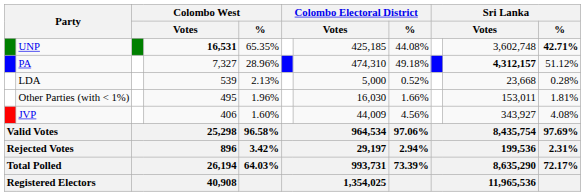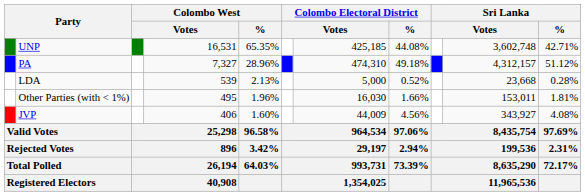 <table class="wikitable">
 <tr>
 <th colspan="2" width="144px"rowspan="2">Party</th>
 <th colspan="3" width="216px">Colombo West</th>
 <th colspan="3" width="216px"><a href='#'>Colombo Electoral District</a></th>
 <th colspan="3" width="216px">Sri Lanka</th>
 </tr>
 <tr>
 <th colspan="2" width="144px">Votes</th>
 <th>%</th>
 <th colspan="2" width="144px">Votes</th>
 <th>%</th>
 <th colspan="2" width="144px">Votes</th>
 <th>%</th>
 </tr>
 <tr>
 <td style="background-color:green;" width="10px"></td>
 <td style="text-align:left;"><a href='#'>UNP</a></td>
 <td style="background-color:green;" width="10px"></td>
-<td style="text-align:right;"><strong>16,531</strong></td>
+<td style="text-align:right;">16,531</td>
 <td style="text-align:right;">65.35%</td>
 <td style="background-color:white;" width="10px"></td>
 <td style="text-align:right;">425,185</td>
 <td style="text-align:right;">44.08%</td>
 <td style="background-color:white;" width="10px"></td>
 <td style="text-align:right;">3,602,748</td>
-<td style="text-align:right;"><strong>42.71%</strong></td>
+<td style="text-align:right;">42.71%</td>
 </tr>
 <tr>
 <td style="background-color:blue;" width="10px"></td>
 <td style="text-align:left;"><a href='#'>PA</a></td>
 <td style="background-color:white;" width="10px"></td>
 <td style="text-align:right;">7,327</td>
 <td style="text-align:right;">28.96%</td>
 <td style="background-color:blue;" width="10px"></td>
 <td style="text-align:right;">474,310</td>
 <td style="text-align:right;">49.18%</td>
 <td style="background-color:blue;" width="10px"></td>
-<td style="text-align:right;"><strong>4,312,157</strong></td>
+<td style="text-align:right;">4,312,157</td>
 <td style="text-align:right;">51.12%</td>
 </tr>
 <tr>
 <td style="background-color:white;" width="10px"></td>
 <td style="text-align:left;">LDA</td>
 <td style="background-color:white;" width="10px"></td>
 <td style="text-align:right;">539</td>
 <td style="text-align:right;">2.13%</td>
 <td style="background-color:white;" width="10px"></td>
 <td style="text-align:right;">5,000</td>
 <td style="text-align:right;">0.52%</td>
 <td style="background-color:white;" width="10px"></td>
 <td style="text-align:right;">23,668</td>
 <td style="text-align:right;">0.28%</td>
 </tr>
 <tr>
 <td style="background-color:white;" width="10px"></td>
 <td style="text-align:left;">Other Parties (with < 1%)</td>
 <td style="background-color:white;" width="10px"></td>
 <td style="text-align:right;">495</td>
 <td style="text-align:right;">1.96%</td>
 <td style="background-color:white;" width="10px"></td>
 <td style="text-align:right;">16,030</td>
 <td style="text-align:right;">1.66%</td>
 <td style="background-color:white;" width="10px"></td>
 <td style="text-align:right;">153,011</td>
 <td style="text-align:right;">1.81%</td>
 </tr>
 <tr>
 <td style="background-color:red;" width="10px"></td>
 <td style="text-align:left;"><a href='#'>JVP</a></td>
 <td style="background-color:white;" width="10px"></td>
 <td style="text-align:right;">406</td>
 <td style="text-align:right;">1.60%</td>
 <td style="background-color:white;" width="10px"></td>
 <td style="text-align:right;">44,009</td>
 <td style="text-align:right;">4.56%</td>
 <td style="background-color:white;" width="10px"></td>
 <td style="text-align:right;">343,927</td>
 <td style="text-align:right;">4.08%</td>
 </tr>
 <tr>
 <th colspan="2" width="144px"style="text-align:left;">Valid Votes</th>
 <th style="text-align:right;"colspan="2" width="144px">25,298</th>
 <th style="text-align:right;">96.58%</th>
 <th style="text-align:right;"colspan="2" width="144px">964,534</th>
 <th style="text-align:right;">97.06%</th>
 <th style="text-align:right;"colspan="2" width="144px">8,435,754</th>
 <th style="text-align:right;">97.69%</th>
 </tr>
 <tr>
 <th colspan="2" width="144px"style="text-align:left;">Rejected Votes</th>
 <th style="text-align:right;"colspan="2" width="144px">896</th>
 <th style="text-align:right;">3.42%</th>
 <th style="text-align:right;"colspan="2" width="144px">29,197</th>
 <th style="text-align:right;">2.94%</th>
 <th style="text-align:right;"colspan="2" width="144px">199,536</th>
 <th style="text-align:right;">2.31%</th>
 </tr>
 <tr>
 <th colspan="2" width="144px"style="text-align:left;">Total Polled</th>
 <th style="text-align:right;"colspan="2" width="144px">26,194</th>
 <th style="text-align:right;">64.03%</th>
 <th style="text-align:right;"colspan="2" width="144px">993,731</th>
 <th style="text-align:right;">73.39%</th>
 <th style="text-align:right;"colspan="2" width="144px">8,635,290</th>
 <th style="text-align:right;">72.17%</th>
 </tr>
 <tr>
 <th colspan="2" width="144px"style="text-align:left;">Registered Electors</th>
 <th style="text-align:right;"colspan="2" width="144px">40,908</th>
 <th></th>
 <th style="text-align:right;"colspan="2" width="144px">1,354,025</th>
 <th></th>
 <th style="text-align:right;"colspan="2" width="144px">11,965,536</th>
 <th></th>
 </tr>
 </table>
